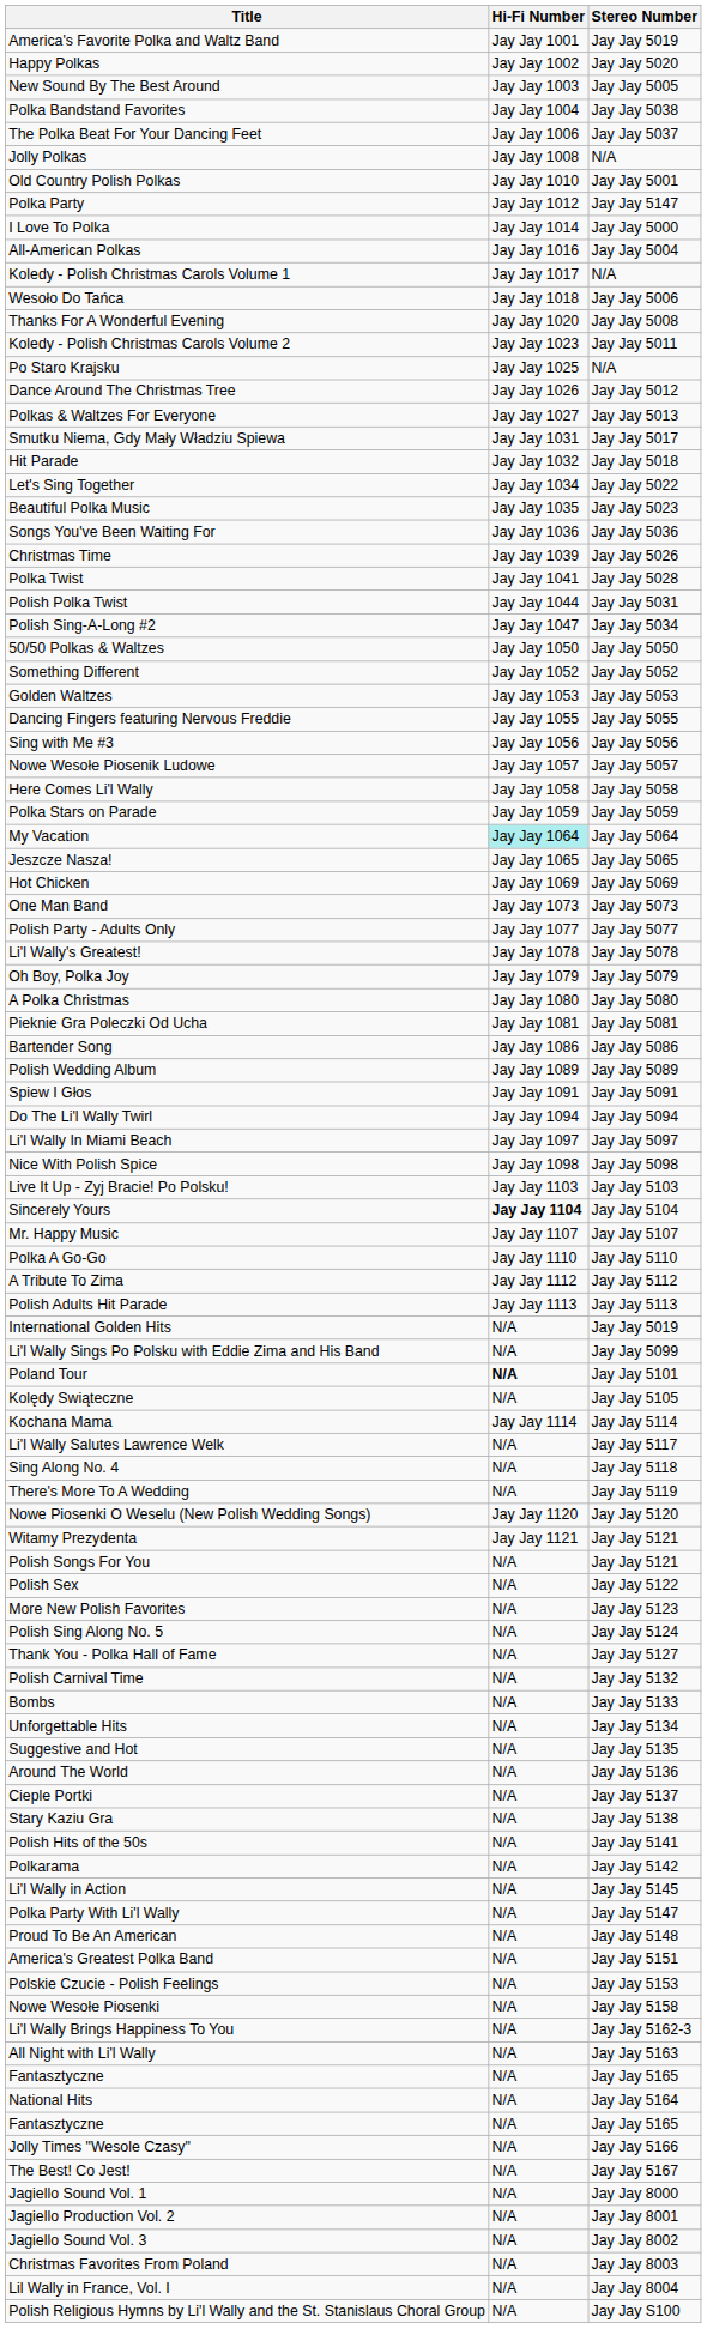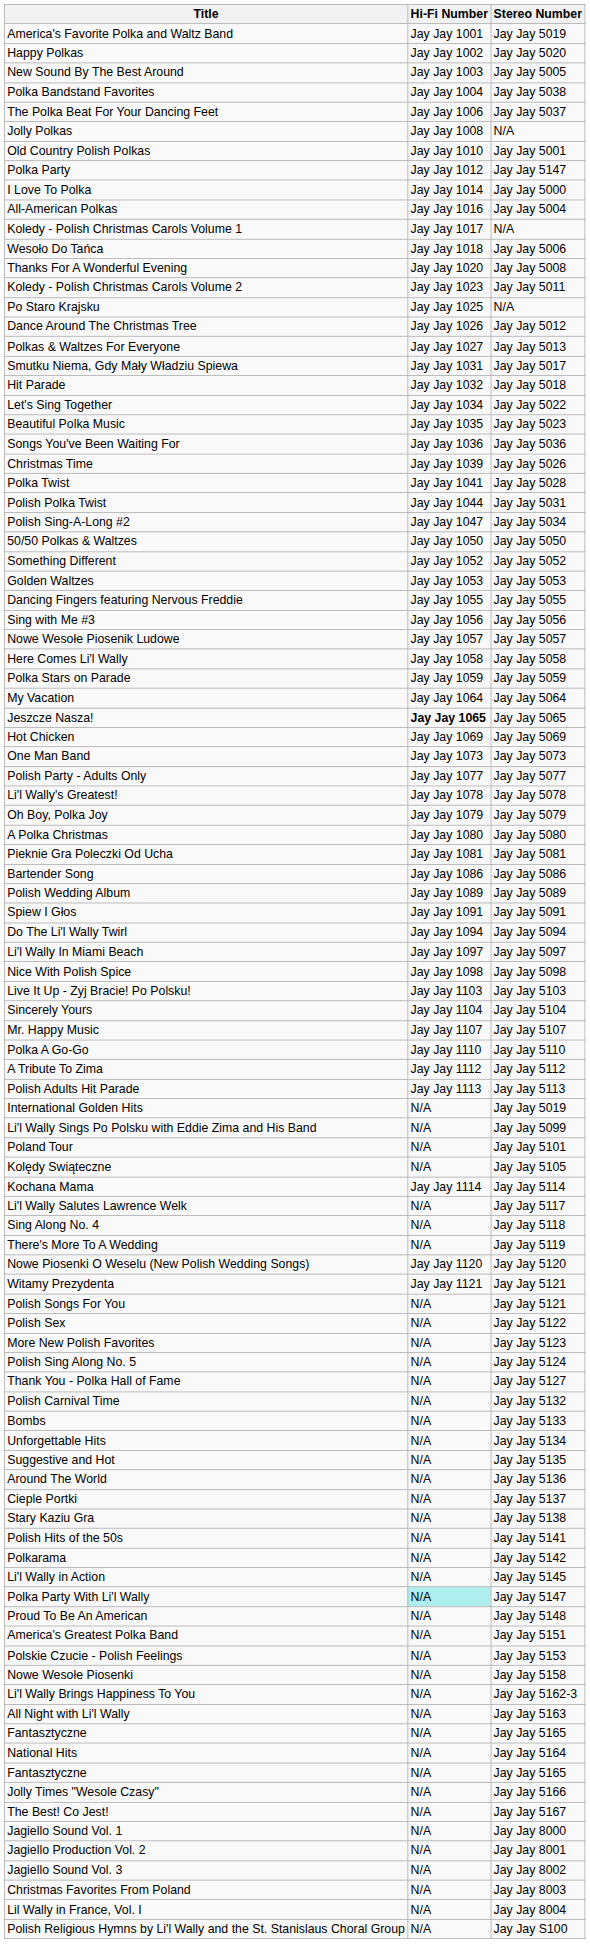 <table class="wikitable" border="1">
 <tr>
 <th>Title</th>
 <th>Hi-Fi Number</th>
 <th>Stereo Number</th>
 </tr>
 <tr>
 <td>America's Favorite Polka and Waltz Band</td>
 <td>Jay Jay 1001</td>
 <td>Jay Jay 5019</td>
 </tr>
 <tr>
 <td>Happy Polkas</td>
 <td>Jay Jay 1002</td>
 <td>Jay Jay 5020</td>
 </tr>
 <tr>
 <td>New Sound By The Best Around</td>
 <td>Jay Jay 1003</td>
 <td>Jay Jay 5005</td>
 </tr>
 <tr>
 <td>Polka Bandstand Favorites</td>
 <td>Jay Jay 1004</td>
 <td>Jay Jay 5038</td>
 </tr>
 <tr>
 <td>The Polka Beat For Your Dancing Feet</td>
 <td>Jay Jay 1006</td>
 <td>Jay Jay 5037</td>
 </tr>
 <tr>
 <td>Jolly Polkas</td>
 <td>Jay Jay 1008</td>
 <td>N/A</td>
 </tr>
 <tr>
 <td>Old Country Polish Polkas</td>
 <td>Jay Jay 1010</td>
 <td>Jay Jay 5001</td>
 </tr>
 <tr>
 <td>Polka Party</td>
 <td>Jay Jay 1012</td>
 <td>Jay Jay 5147</td>
 </tr>
 <tr>
 <td>I Love To Polka</td>
 <td>Jay Jay 1014</td>
 <td>Jay Jay 5000</td>
 </tr>
 <tr>
 <td>All-American Polkas</td>
 <td>Jay Jay 1016</td>
 <td>Jay Jay 5004</td>
 </tr>
 <tr>
 <td>Koledy - Polish Christmas Carols Volume 1</td>
 <td>Jay Jay 1017</td>
 <td>N/A</td>
 </tr>
 <tr>
 <td>Wesoło Do Tańca</td>
 <td>Jay Jay 1018</td>
 <td>Jay Jay 5006</td>
 </tr>
 <tr>
 <td>Thanks For A Wonderful Evening</td>
 <td>Jay Jay 1020</td>
 <td>Jay Jay 5008</td>
 </tr>
 <tr>
 <td>Koledy - Polish Christmas Carols Volume 2</td>
 <td>Jay Jay 1023</td>
 <td>Jay Jay 5011</td>
 </tr>
 <tr>
 <td>Po Staro Krajsku</td>
 <td>Jay Jay 1025</td>
 <td>N/A</td>
 </tr>
 <tr>
 <td>Dance Around The Christmas Tree</td>
 <td>Jay Jay 1026</td>
 <td>Jay Jay 5012</td>
 </tr>
 <tr>
 <td>Polkas & Waltzes For Everyone</td>
 <td>Jay Jay 1027</td>
 <td>Jay Jay 5013</td>
 </tr>
 <tr>
 <td>Smutku Niema, Gdy Mały Władziu Spiewa</td>
 <td>Jay Jay 1031</td>
 <td>Jay Jay 5017</td>
 </tr>
 <tr>
 <td>Hit Parade</td>
 <td>Jay Jay 1032</td>
 <td>Jay Jay 5018</td>
 </tr>
 <tr>
 <td>Let's Sing Together</td>
 <td>Jay Jay 1034</td>
 <td>Jay Jay 5022</td>
 </tr>
 <tr>
 <td>Beautiful Polka Music</td>
 <td>Jay Jay 1035</td>
 <td>Jay Jay 5023</td>
 </tr>
 <tr>
 <td>Songs You've Been Waiting For</td>
 <td>Jay Jay 1036</td>
 <td>Jay Jay 5036</td>
 </tr>
 <tr>
 <td>Christmas Time</td>
 <td>Jay Jay 1039</td>
 <td>Jay Jay 5026</td>
 </tr>
 <tr>
 <td>Polka Twist</td>
 <td>Jay Jay 1041</td>
 <td>Jay Jay 5028</td>
 </tr>
 <tr>
 <td>Polish Polka Twist</td>
 <td>Jay Jay 1044</td>
 <td>Jay Jay 5031</td>
 </tr>
 <tr>
 <td>Polish Sing-A-Long #2</td>
 <td>Jay Jay 1047</td>
 <td>Jay Jay 5034</td>
 </tr>
 <tr>
 <td>50/50 Polkas & Waltzes</td>
 <td>Jay Jay 1050</td>
 <td>Jay Jay 5050</td>
 </tr>
 <tr>
 <td>Something Different</td>
 <td>Jay Jay 1052</td>
 <td>Jay Jay 5052</td>
 </tr>
 <tr>
 <td>Golden Waltzes</td>
 <td>Jay Jay 1053</td>
 <td>Jay Jay 5053</td>
 </tr>
 <tr>
 <td>Dancing Fingers featuring Nervous Freddie</td>
 <td>Jay Jay 1055</td>
 <td>Jay Jay 5055</td>
 </tr>
 <tr>
 <td>Sing with Me #3</td>
 <td>Jay Jay 1056</td>
 <td>Jay Jay 5056</td>
 </tr>
 <tr>
 <td>Nowe Wesołe Piosenik Ludowe</td>
 <td>Jay Jay 1057</td>
 <td>Jay Jay 5057</td>
 </tr>
 <tr>
 <td>Here Comes Li'l Wally</td>
 <td>Jay Jay 1058</td>
 <td>Jay Jay 5058</td>
 </tr>
 <tr>
 <td>Polka Stars on Parade</td>
 <td>Jay Jay 1059</td>
 <td>Jay Jay 5059</td>
 </tr>
 <tr>
 <td>My Vacation</td>
-<td style="background: paleturquoise;">Jay Jay 1064</td>
+<td>Jay Jay 1064</td>
 <td>Jay Jay 5064</td>
 </tr>
 <tr>
 <td>Jeszcze Nasza!</td>
-<td>Jay Jay 1065</td>
+<td><strong>Jay Jay 1065</strong></td>
 <td>Jay Jay 5065</td>
 </tr>
 <tr>
 <td>Hot Chicken</td>
 <td>Jay Jay 1069</td>
 <td>Jay Jay 5069</td>
 </tr>
 <tr>
 <td>One Man Band</td>
 <td>Jay Jay 1073</td>
 <td>Jay Jay 5073</td>
 </tr>
 <tr>
 <td>Polish Party - Adults Only</td>
 <td>Jay Jay 1077</td>
 <td>Jay Jay 5077</td>
 </tr>
 <tr>
 <td>Li'l Wally's Greatest!</td>
 <td>Jay Jay 1078</td>
 <td>Jay Jay 5078</td>
 </tr>
 <tr>
 <td>Oh Boy, Polka Joy</td>
 <td>Jay Jay 1079</td>
 <td>Jay Jay 5079</td>
 </tr>
 <tr>
 <td>A Polka Christmas</td>
 <td>Jay Jay 1080</td>
 <td>Jay Jay 5080</td>
 </tr>
 <tr>
 <td>Pieknie Gra Poleczki Od Ucha</td>
 <td>Jay Jay 1081</td>
 <td>Jay Jay 5081</td>
 </tr>
 <tr>
 <td>Bartender Song</td>
 <td>Jay Jay 1086</td>
 <td>Jay Jay 5086</td>
 </tr>
 <tr>
 <td>Polish Wedding Album</td>
 <td>Jay Jay 1089</td>
 <td>Jay Jay 5089</td>
 </tr>
 <tr>
 <td>Spiew I Głos</td>
 <td>Jay Jay 1091</td>
 <td>Jay Jay 5091</td>
 </tr>
 <tr>
 <td>Do The Li'l Wally Twirl</td>
 <td>Jay Jay 1094</td>
 <td>Jay Jay 5094</td>
 </tr>
 <tr>
 <td>Li'l Wally In Miami Beach</td>
 <td>Jay Jay 1097</td>
 <td>Jay Jay 5097</td>
 </tr>
 <tr>
 <td>Nice With Polish Spice</td>
 <td>Jay Jay 1098</td>
 <td>Jay Jay 5098</td>
 </tr>
 <tr>
 <td>Live It Up - Zyj Bracie! Po Polsku!</td>
 <td>Jay Jay 1103</td>
 <td>Jay Jay 5103</td>
 </tr>
 <tr>
 <td>Sincerely Yours</td>
-<td><strong>Jay Jay 1104</strong></td>
+<td>Jay Jay 1104</td>
 <td>Jay Jay 5104</td>
 </tr>
 <tr>
 <td>Mr. Happy Music</td>
 <td>Jay Jay 1107</td>
 <td>Jay Jay 5107</td>
 </tr>
 <tr>
 <td>Polka A Go-Go</td>
 <td>Jay Jay 1110</td>
 <td>Jay Jay 5110</td>
 </tr>
 <tr>
 <td>A Tribute To Zima</td>
 <td>Jay Jay 1112</td>
 <td>Jay Jay 5112</td>
 </tr>
 <tr>
 <td>Polish Adults Hit Parade</td>
 <td>Jay Jay 1113</td>
 <td>Jay Jay 5113</td>
 </tr>
 <tr>
 <td>International Golden Hits</td>
 <td>N/A</td>
 <td>Jay Jay 5019</td>
 </tr>
 <tr>
 <td>Li'l Wally Sings Po Polsku with Eddie Zima and His Band</td>
 <td>N/A</td>
 <td>Jay Jay 5099</td>
 </tr>
 <tr>
 <td>Poland Tour</td>
-<td><strong>N/A</strong></td>
+<td>N/A</td>
 <td>Jay Jay 5101</td>
 </tr>
 <tr>
 <td>Kolędy Swiąteczne</td>
 <td>N/A</td>
 <td>Jay Jay 5105</td>
 </tr>
 <tr>
 <td>Kochana Mama</td>
 <td>Jay Jay 1114</td>
 <td>Jay Jay 5114</td>
 </tr>
 <tr>
 <td>Li'l Wally Salutes Lawrence Welk</td>
 <td>N/A</td>
 <td>Jay Jay 5117</td>
 </tr>
 <tr>
 <td>Sing Along No. 4</td>
 <td>N/A</td>
 <td>Jay Jay 5118</td>
 </tr>
 <tr>
 <td>There's More To A Wedding</td>
 <td>N/A</td>
 <td>Jay Jay 5119</td>
 </tr>
 <tr>
 <td>Nowe Piosenki O Weselu (New Polish Wedding Songs)</td>
 <td>Jay Jay 1120</td>
 <td>Jay Jay 5120</td>
 </tr>
 <tr>
 <td>Witamy Prezydenta</td>
 <td>Jay Jay 1121</td>
 <td>Jay Jay 5121</td>
 </tr>
 <tr>
 <td>Polish Songs For You</td>
 <td>N/A</td>
 <td>Jay Jay 5121</td>
 </tr>
 <tr>
 <td>Polish Sex</td>
 <td>N/A</td>
 <td>Jay Jay 5122</td>
 </tr>
 <tr>
 <td>More New Polish Favorites</td>
 <td>N/A</td>
 <td>Jay Jay 5123</td>
 </tr>
 <tr>
 <td>Polish Sing Along No. 5</td>
 <td>N/A</td>
 <td>Jay Jay 5124</td>
 </tr>
 <tr>
 <td>Thank You - Polka Hall of Fame</td>
 <td>N/A</td>
 <td>Jay Jay 5127</td>
 </tr>
 <tr>
 <td>Polish Carnival Time</td>
 <td>N/A</td>
 <td>Jay Jay 5132</td>
 </tr>
 <tr>
 <td>Bombs</td>
 <td>N/A</td>
 <td>Jay Jay 5133</td>
 </tr>
 <tr>
 <td>Unforgettable Hits</td>
 <td>N/A</td>
 <td>Jay Jay 5134</td>
 </tr>
 <tr>
 <td>Suggestive and Hot</td>
 <td>N/A</td>
 <td>Jay Jay 5135</td>
 </tr>
 <tr>
 <td>Around The World</td>
 <td>N/A</td>
 <td>Jay Jay 5136</td>
 </tr>
 <tr>
 <td>Cieple Portki</td>
 <td>N/A</td>
 <td>Jay Jay 5137</td>
 </tr>
 <tr>
 <td>Stary Kaziu Gra</td>
 <td>N/A</td>
 <td>Jay Jay 5138</td>
 </tr>
 <tr>
 <td>Polish Hits of the 50s</td>
 <td>N/A</td>
 <td>Jay Jay 5141</td>
 </tr>
 <tr>
 <td>Polkarama</td>
 <td>N/A</td>
 <td>Jay Jay 5142</td>
 </tr>
 <tr>
 <td>Li'l Wally in Action</td>
 <td>N/A</td>
 <td>Jay Jay 5145</td>
 </tr>
 <tr>
 <td>Polka Party With Li'l Wally</td>
-<td>N/A</td>
+<td style="background: paleturquoise;">N/A</td>
 <td>Jay Jay 5147</td>
 </tr>
 <tr>
 <td>Proud To Be An American</td>
 <td>N/A</td>
 <td>Jay Jay 5148</td>
 </tr>
 <tr>
 <td>America's Greatest Polka Band</td>
 <td>N/A</td>
 <td>Jay Jay 5151</td>
 </tr>
 <tr>
 <td>Polskie Czucie - Polish Feelings</td>
 <td>N/A</td>
 <td>Jay Jay 5153</td>
 </tr>
 <tr>
 <td>Nowe Wesołe Piosenki</td>
 <td>N/A</td>
 <td>Jay Jay 5158</td>
 </tr>
 <tr>
 <td>Li'l Wally Brings Happiness To You</td>
 <td>N/A</td>
 <td>Jay Jay 5162-3</td>
 </tr>
 <tr>
 <td>All Night with Li'l Wally</td>
 <td>N/A</td>
 <td>Jay Jay 5163</td>
 </tr>
 <tr>
 <td>Fantasztyczne</td>
 <td>N/A</td>
 <td>Jay Jay 5165</td>
 </tr>
 <tr>
 <td>National Hits</td>
 <td>N/A</td>
 <td>Jay Jay 5164</td>
 </tr>
 <tr>
 <td>Fantasztyczne</td>
 <td>N/A</td>
 <td>Jay Jay 5165</td>
 </tr>
 <tr>
 <td>Jolly Times "Wesole Czasy"</td>
 <td>N/A</td>
 <td>Jay Jay 5166</td>
 </tr>
 <tr>
 <td>The Best! Co Jest!</td>
 <td>N/A</td>
 <td>Jay Jay 5167</td>
 </tr>
 <tr>
 <td>Jagiello Sound Vol. 1</td>
 <td>N/A</td>
 <td>Jay Jay 8000</td>
 </tr>
 <tr>
 <td>Jagiello Production Vol. 2</td>
 <td>N/A</td>
 <td>Jay Jay 8001</td>
 </tr>
 <tr>
 <td>Jagiello Sound Vol. 3</td>
 <td>N/A</td>
 <td>Jay Jay 8002</td>
 </tr>
 <tr>
 <td>Christmas Favorites From Poland</td>
 <td>N/A</td>
 <td>Jay Jay 8003</td>
 </tr>
 <tr>
 <td>Lil Wally in France, Vol. I</td>
 <td>N/A</td>
 <td>Jay Jay 8004</td>
 </tr>
 <tr>
 <td>Polish Religious Hymns by Li'l Wally and the St. Stanislaus Choral Group</td>
 <td>N/A</td>
 <td>Jay Jay S100</td>
 </tr>
 </table>
